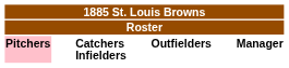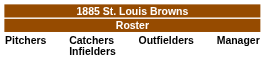 <table class="toccolours" style="font-size: 95%;">
 <tr>
 <th colspan="10" style="background-color: #964B00; color: white; text-align: center;">1885 St. Louis Browns</th>
 </tr>
 <tr>
 <td colspan="10" style="background-color: #964B00; color: white; text-align: center;"><strong>Roster</strong></td>
 </tr>
 <tr>
-<td valign="top" style="background: pink;"><strong>Pitchers</strong><br>  </td>
+<td valign="top"><strong>Pitchers</strong><br>  </td>
 <td width="25px"></td>
 <td valign="top"><strong>Catchers</strong><br>    <strong>Infielders</strong>    </td>
 <td width="25px"></td>
 <td valign="top"><strong>Outfielders</strong><br>   </td>
 <td width="25px"></td>
 <td valign="top"><strong>Manager</strong><br></td>
 </tr>
 </table>
